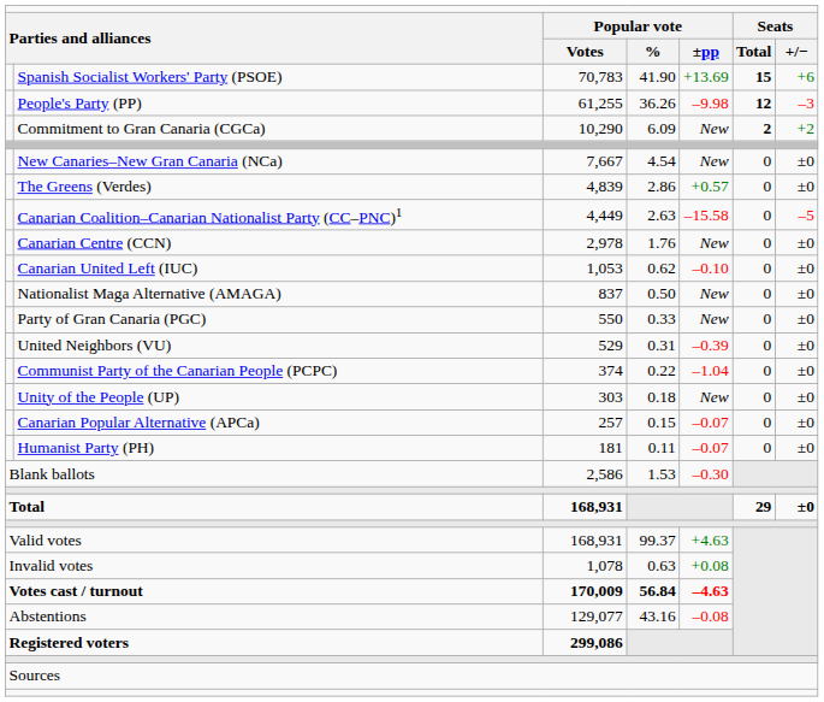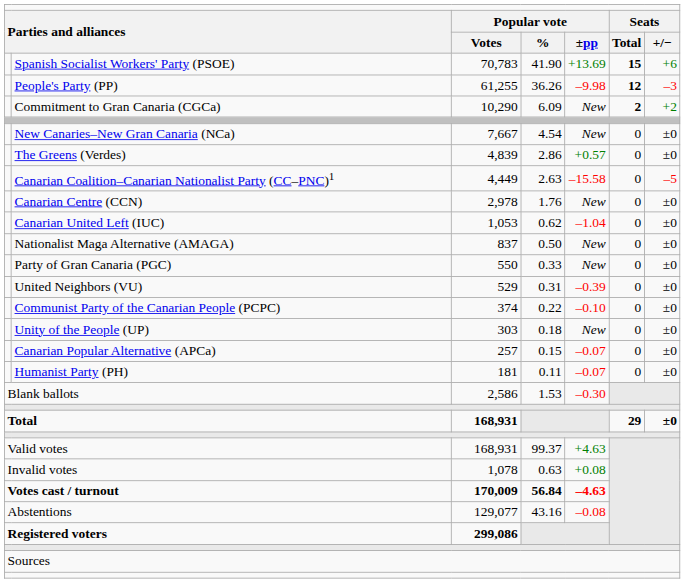 <table class="wikitable" style="text-align:right;">
 <tr>
 <td colspan="7"></td>
 </tr>
 <tr>
 <th style="text-align:left;" rowspan="2" colspan="2" width="525">Parties and alliances</th>
 <th colspan="3">Popular vote</th>
 <th colspan="2">Seats</th>
 </tr>
 <tr>
 <th width="75">Votes</th>
 <th width="45">%</th>
 <th width="45">±<a href='#'>pp</a></th>
 <th width="35">Total</th>
 <th width="35">+/−</th>
 </tr>
 <tr>
 <td width="1" style="color:inherit;background:"></td>
 <td align="left"><a href='#'>Spanish Socialist Workers' Party</a> (PSOE)</td>
 <td>70,783</td>
 <td>41.90</td>
 <td style="color:green;">+13.69</td>
 <td><strong>15</strong></td>
 <td style="color:green;">+6</td>
 </tr>
 <tr>
 <td style="color:inherit;background:"></td>
 <td align="left"><a href='#'>People's Party</a> (PP)</td>
 <td>61,255</td>
 <td>36.26</td>
 <td style="color:red;">–9.98</td>
 <td><strong>12</strong></td>
 <td style="color:red;">–3</td>
 </tr>
 <tr>
 <td style="color:inherit;background:"></td>
 <td align="left">Commitment to Gran Canaria (CGCa)</td>
 <td>10,290</td>
 <td>6.09</td>
 <td><em>New</em></td>
 <td><strong>2</strong></td>
 <td style="color:green;">+2</td>
 </tr>
 <tr>
 <td colspan="7" style="color:inherit;background:#C0C0C0"></td>
 </tr>
 <tr>
 <td style="color:inherit;background:"></td>
 <td align="left"><a href='#'>New Canaries–New Gran Canaria</a> (NCa)</td>
 <td>7,667</td>
 <td>4.54</td>
 <td><em>New</em></td>
 <td>0</td>
 <td>±0</td>
 </tr>
 <tr>
 <td style="color:inherit;background:"></td>
 <td align="left"><a href='#'>The Greens</a> (Verdes)</td>
 <td>4,839</td>
 <td>2.86</td>
 <td style="color:green;">+0.57</td>
 <td>0</td>
 <td>±0</td>
 </tr>
 <tr>
 <td style="color:inherit;background:"></td>
 <td align="left"><a href='#'>Canarian Coalition–Canarian Nationalist Party</a> (<a href='#'>CC</a>–<a href='#'>PNC</a>)<sup>1</sup></td>
 <td>4,449</td>
 <td>2.63</td>
 <td style="color:red;">–15.58</td>
 <td>0</td>
 <td style="color:red;">–5</td>
 </tr>
 <tr>
 <td style="color:inherit;background:"></td>
 <td align="left"><a href='#'>Canarian Centre</a> (CCN)</td>
 <td>2,978</td>
 <td>1.76</td>
 <td><em>New</em></td>
 <td>0</td>
 <td>±0</td>
 </tr>
 <tr>
 <td style="color:inherit;background:"></td>
 <td align="left"><a href='#'>Canarian United Left</a> (IUC)</td>
 <td>1,053</td>
 <td>0.62</td>
-<td style="color:red;">–0.10</td>
+<td style="color:red;">–1.04</td>
 <td>0</td>
 <td>±0</td>
 </tr>
 <tr>
 <td style="color:inherit;background:"></td>
 <td align="left">Nationalist Maga Alternative (AMAGA)</td>
 <td>837</td>
 <td>0.50</td>
 <td><em>New</em></td>
 <td>0</td>
 <td>±0</td>
 </tr>
 <tr>
 <td style="color:inherit;background:"></td>
 <td align="left">Party of Gran Canaria (PGC)</td>
 <td>550</td>
 <td>0.33</td>
 <td><em>New</em></td>
 <td>0</td>
 <td>±0</td>
 </tr>
 <tr>
 <td style="color:inherit;background:"></td>
 <td align="left">United Neighbors (VU)</td>
 <td>529</td>
 <td>0.31</td>
 <td style="color:red;">–0.39</td>
 <td>0</td>
 <td>±0</td>
 </tr>
 <tr>
 <td style="color:inherit;background:"></td>
 <td align="left"><a href='#'>Communist Party of the Canarian People</a> (PCPC)</td>
 <td>374</td>
 <td>0.22</td>
-<td style="color:red;">–1.04</td>
+<td style="color:red;">–0.10</td>
 <td>0</td>
 <td>±0</td>
 </tr>
 <tr>
 <td style="color:inherit;background:"></td>
 <td align="left"><a href='#'>Unity of the People</a> (UP)</td>
 <td>303</td>
 <td>0.18</td>
 <td><em>New</em></td>
 <td>0</td>
 <td>±0</td>
 </tr>
 <tr>
 <td style="color:inherit;background:"></td>
 <td align="left"><a href='#'>Canarian Popular Alternative</a> (APCa)</td>
 <td>257</td>
 <td>0.15</td>
 <td style="color:red;">–0.07</td>
 <td>0</td>
 <td>±0</td>
 </tr>
 <tr>
 <td style="color:inherit;background:"></td>
 <td align="left"><a href='#'>Humanist Party</a> (PH)</td>
 <td>181</td>
 <td>0.11</td>
 <td style="color:red;">–0.07</td>
 <td>0</td>
 <td>±0</td>
 </tr>
 <tr>
 <td align="left" colspan="2">Blank ballots</td>
 <td>2,586</td>
 <td>1.53</td>
 <td style="color:red;">–0.30</td>
 <td style="color:inherit;background:#E9E9E9" colspan="2"></td>
 </tr>
 <tr>
 <td colspan="7" style="color:inherit;background:#E9E9E9"></td>
 </tr>
 <tr style="font-weight:bold;">
 <td align="left" colspan="2">Total</td>
 <td>168,931</td>
 <td bgcolor="#E9E9E9" colspan="2"></td>
 <td>29</td>
 <td>±0</td>
 </tr>
 <tr>
 <td colspan="7" style="color:inherit;background:#E9E9E9"></td>
 </tr>
 <tr>
 <td align="left" colspan="2">Valid votes</td>
 <td>168,931</td>
 <td>99.37</td>
 <td style="color:green;">+4.63</td>
 <td bgcolor="#E9E9E9" colspan="2" rowspan="5"></td>
 </tr>
 <tr>
 <td align="left" colspan="2">Invalid votes</td>
 <td>1,078</td>
 <td>0.63</td>
 <td style="color:green;">+0.08</td>
 </tr>
 <tr style="font-weight:bold;">
 <td align="left" colspan="2">Votes cast / turnout</td>
 <td>170,009</td>
 <td>56.84</td>
 <td style="color:red;">–4.63</td>
 </tr>
 <tr>
 <td align="left" colspan="2">Abstentions</td>
 <td>129,077</td>
 <td>43.16</td>
 <td style="color:red;">–0.08</td>
 </tr>
 <tr style="font-weight:bold;">
 <td align="left" colspan="2">Registered voters</td>
 <td>299,086</td>
 <td bgcolor="#E9E9E9" colspan="2"></td>
 </tr>
 <tr>
 <td colspan="7" style="color:inherit;background:#E9E9E9"></td>
 </tr>
 <tr>
 <td align="left" colspan="7">Sources</td>
 </tr>
 <tr>
 <td colspan="7" style="text-align:left; max-width:790px;"></td>
 </tr>
 </table>
